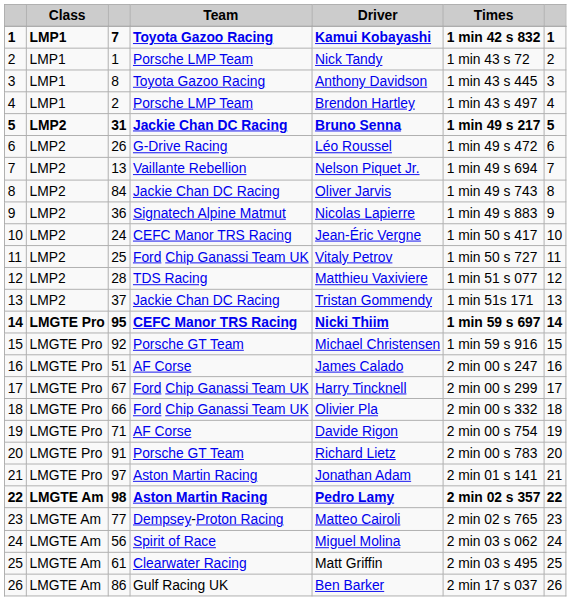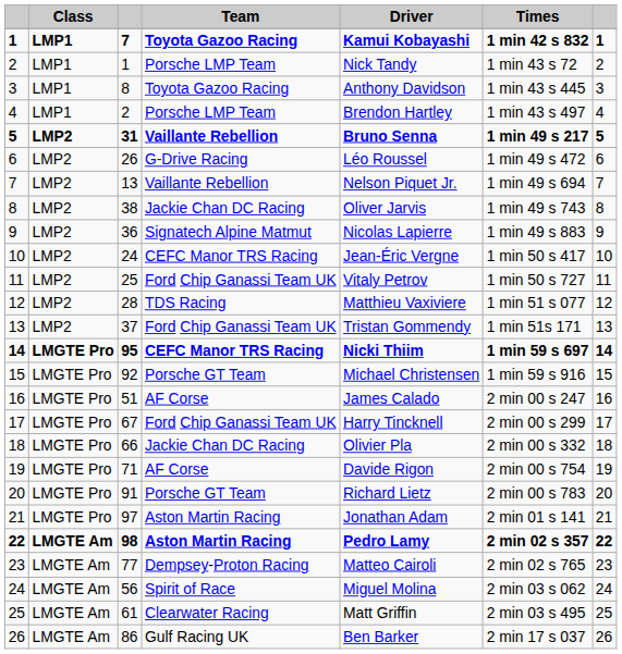 <table class="wikitable alternance" style="font-size:95%;">
 <tr>
 <th scope=col style="background-color:#CCCCCC;"></th>
 <th scope=col style="background-color:#CCCCCC;">Class</th>
 <th scope=col style="background-color:#CCCCCC;"></th>
 <th scope=col style="background-color:#CCCCCC;">Team</th>
 <th scope=col style="background-color:#CCCCCC;">Driver</th>
 <th scope=col style="background-color:#CCCCCC;">Times</th>
 <th scope=col style="background-color:#CCCCCC;"></th>
 </tr>
 <tr>
 </tr>
 <tr style="font-weight:bold">
 <td>1</td>
 <td>LMP1</td>
 <td>7</td>
 <td> <a href='#'>Toyota Gazoo Racing</a></td>
 <td> <a href='#'>Kamui Kobayashi</a></td>
 <td>1 min 42 s 832</td>
 <td>1</td>
 </tr>
 <tr>
 <td>2</td>
 <td>LMP1</td>
 <td>1</td>
 <td> <a href='#'>Porsche LMP Team</a></td>
 <td> <a href='#'>Nick Tandy</a></td>
 <td>1 min 43 s 72</td>
 <td>2</td>
 </tr>
 <tr>
 <td>3</td>
 <td>LMP1</td>
 <td>8</td>
 <td> <a href='#'>Toyota Gazoo Racing</a></td>
 <td> <a href='#'>Anthony Davidson</a></td>
 <td>1 min 43 s 445</td>
 <td>3</td>
 </tr>
 <tr>
 <td>4</td>
 <td>LMP1</td>
 <td>2</td>
 <td> <a href='#'>Porsche LMP Team</a></td>
 <td> <a href='#'>Brendon Hartley</a></td>
 <td>1 min 43 s 497</td>
 <td>4</td>
 </tr>
 <tr style="font-weight:bold">
 <td>5</td>
 <td>LMP2</td>
 <td>31</td>
-<td> <a href='#'>Jackie Chan DC Racing</a></td>
+<td> <a href='#'>Vaillante Rebellion</a></td>
 <td> <a href='#'>Bruno Senna</a></td>
 <td>1 min 49 s 217</td>
 <td>5</td>
 </tr>
 <tr>
 <td>6</td>
 <td>LMP2</td>
 <td>26</td>
 <td> <a href='#'>G-Drive Racing</a></td>
 <td> <a href='#'>Léo Roussel</a></td>
 <td>1 min 49 s 472</td>
 <td>6</td>
 </tr>
 <tr>
 <td>7</td>
 <td>LMP2</td>
 <td>13</td>
 <td> <a href='#'>Vaillante Rebellion</a></td>
 <td> <a href='#'>Nelson Piquet Jr.</a></td>
 <td>1 min 49 s 694</td>
 <td>7</td>
 </tr>
 <tr>
 <td>8</td>
 <td>LMP2</td>
-<td>84</td>
+<td>38</td>
 <td> <a href='#'>Jackie Chan DC Racing</a></td>
 <td> <a href='#'>Oliver Jarvis</a></td>
 <td>1 min 49 s 743</td>
 <td>8</td>
 </tr>
 <tr>
 <td>9</td>
 <td>LMP2</td>
 <td>36</td>
 <td> <a href='#'>Signatech Alpine Matmut</a></td>
 <td> <a href='#'>Nicolas Lapierre</a></td>
 <td>1 min 49 s 883</td>
 <td>9</td>
 </tr>
 <tr>
 <td>10</td>
 <td>LMP2</td>
 <td>24</td>
 <td> <a href='#'>CEFC Manor TRS Racing</a></td>
 <td> <a href='#'>Jean-Éric Vergne</a></td>
 <td>1 min 50 s 417</td>
 <td>10</td>
 </tr>
 <tr>
 <td>11</td>
 <td>LMP2</td>
 <td>25</td>
 <td> <a href='#'>Ford</a> <a href='#'>Chip Ganassi Team UK</a></td>
 <td> <a href='#'>Vitaly Petrov</a></td>
 <td>1 min 50 s 727</td>
 <td>11</td>
 </tr>
 <tr>
 <td>12</td>
 <td>LMP2</td>
 <td>28</td>
 <td> <a href='#'>TDS Racing</a></td>
 <td> <a href='#'>Matthieu Vaxiviere</a></td>
 <td>1 min 51 s 077</td>
 <td>12</td>
 </tr>
 <tr>
 <td>13</td>
 <td>LMP2</td>
 <td>37</td>
-<td> <a href='#'>Jackie Chan DC Racing</a></td>
+<td> <a href='#'>Ford</a> <a href='#'>Chip Ganassi Team UK</a></td>
 <td> <a href='#'>Tristan Gommendy</a></td>
 <td>1 min 51s 171</td>
 <td>13</td>
 </tr>
 <tr style="font-weight:bold">
 <td>14</td>
 <td>LMGTE Pro</td>
 <td>95</td>
 <td> <a href='#'>CEFC Manor TRS Racing</a></td>
 <td> <a href='#'>Nicki Thiim</a></td>
 <td>1 min 59 s 697</td>
 <td>14</td>
 </tr>
 <tr>
 <td>15</td>
 <td>LMGTE Pro</td>
 <td>92</td>
 <td> <a href='#'>Porsche GT Team</a></td>
 <td> <a href='#'>Michael Christensen</a></td>
 <td>1 min 59 s 916</td>
 <td>15</td>
 </tr>
 <tr>
 <td>16</td>
 <td>LMGTE Pro</td>
 <td>51</td>
 <td> <a href='#'>AF Corse</a></td>
 <td> <a href='#'>James Calado</a></td>
 <td>2 min 00 s 247</td>
 <td>16</td>
 </tr>
 <tr>
 <td>17</td>
 <td>LMGTE Pro</td>
 <td>67</td>
 <td> <a href='#'>Ford</a> <a href='#'>Chip Ganassi Team UK</a></td>
 <td> <a href='#'>Harry Tincknell</a></td>
 <td>2 min 00 s 299</td>
 <td>17</td>
 </tr>
 <tr>
 <td>18</td>
 <td>LMGTE Pro</td>
 <td>66</td>
-<td> <a href='#'>Ford</a> <a href='#'>Chip Ganassi Team UK</a></td>
+<td> <a href='#'>Jackie Chan DC Racing</a></td>
 <td> <a href='#'>Olivier Pla</a></td>
 <td>2 min 00 s 332</td>
 <td>18</td>
 </tr>
 <tr>
 <td>19</td>
 <td>LMGTE Pro</td>
 <td>71</td>
 <td> <a href='#'>AF Corse</a></td>
 <td> <a href='#'>Davide Rigon</a></td>
 <td>2 min 00 s 754</td>
 <td>19</td>
 </tr>
 <tr>
 <td>20</td>
 <td>LMGTE Pro</td>
 <td>91</td>
 <td> <a href='#'>Porsche GT Team</a></td>
 <td> <a href='#'>Richard Lietz</a></td>
 <td>2 min 00 s 783</td>
 <td>20</td>
 </tr>
 <tr>
 <td>21</td>
 <td>LMGTE Pro</td>
 <td>97</td>
 <td> <a href='#'>Aston Martin Racing</a></td>
 <td> <a href='#'>Jonathan Adam</a></td>
 <td>2 min 01 s 141</td>
 <td>21</td>
 </tr>
 <tr style="font-weight:bold">
 <td>22</td>
 <td>LMGTE Am</td>
 <td>98</td>
 <td> <a href='#'>Aston Martin Racing</a></td>
 <td> <a href='#'>Pedro Lamy</a></td>
 <td>2 min 02 s 357</td>
 <td>22</td>
 </tr>
 <tr>
 <td>23</td>
 <td>LMGTE Am</td>
 <td>77</td>
 <td> <a href='#'>Dempsey</a>-<a href='#'>Proton Racing</a></td>
 <td> <a href='#'>Matteo Cairoli</a></td>
 <td>2 min 02 s 765</td>
 <td>23</td>
 </tr>
 <tr>
 <td>24</td>
 <td>LMGTE Am</td>
 <td>56</td>
 <td> <a href='#'>Spirit of Race</a></td>
 <td> <a href='#'>Miguel Molina</a></td>
 <td>2 min 03 s 062</td>
 <td>24</td>
 </tr>
 <tr>
 <td>25</td>
 <td>LMGTE Am</td>
 <td>61</td>
 <td> <a href='#'>Clearwater Racing</a></td>
 <td> Matt Griffin</td>
 <td>2 min 03 s 495</td>
 <td>25</td>
 </tr>
 <tr>
 <td>26</td>
 <td>LMGTE Am</td>
 <td>86</td>
 <td> Gulf Racing UK</td>
 <td> <a href='#'>Ben Barker</a></td>
 <td>2 min 17 s 037</td>
 <td>26</td>
 </tr>
 </table>
